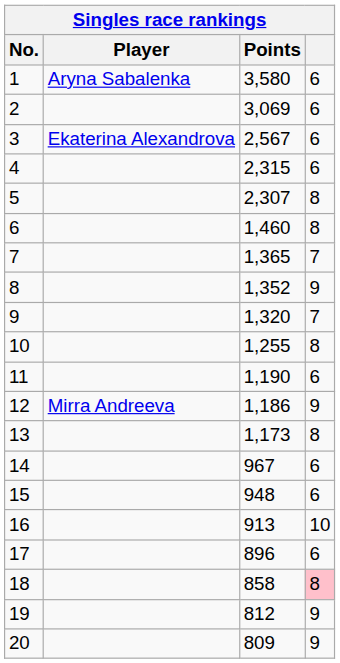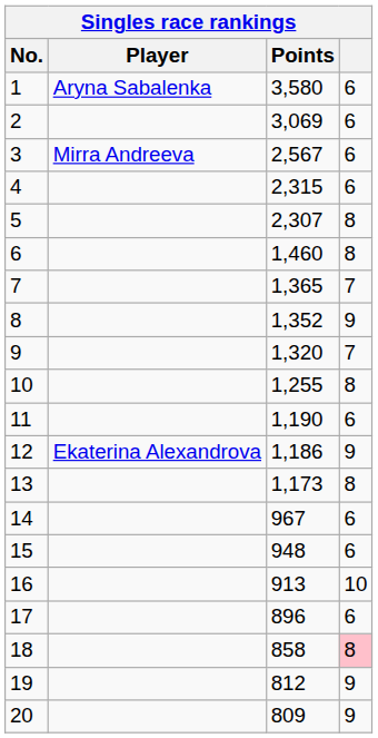 <table class="wikitable nowrap defaultcenter col2left" style="display:inline-table">
 <tr>
 <th scope="col" colspan=4><a href='#'>Singles race rankings</a> </th>
 </tr>
 <tr>
 <th scope="col">No.</th>
 <th scope="col">Player</th>
 <th scope="col">Points</th>
 <th scope="col"></th>
 </tr>
 <tr>
 <td>1</td>
 <td> <a href='#'>Aryna Sabalenka</a></td>
 <td>3,580</td>
 <td>6</td>
 </tr>
 <tr>
 <td>2</td>
 <td></td>
 <td>3,069</td>
 <td>6</td>
 </tr>
 <tr>
 <td>3</td>
-<td> <a href='#'>Ekaterina Alexandrova</a></td>
+<td> <a href='#'>Mirra Andreeva</a></td>
 <td>2,567</td>
 <td>6</td>
 </tr>
 <tr>
 <td>4</td>
 <td></td>
 <td>2,315</td>
 <td>6</td>
 </tr>
 <tr>
 <td>5</td>
 <td></td>
 <td>2,307</td>
 <td>8</td>
 </tr>
 <tr>
 <td>6</td>
 <td></td>
 <td>1,460</td>
 <td>8</td>
 </tr>
 <tr>
 <td>7</td>
 <td></td>
 <td>1,365</td>
 <td>7</td>
 </tr>
 <tr>
 <td>8</td>
 <td></td>
 <td>1,352</td>
 <td>9</td>
 </tr>
 <tr>
 <td>9</td>
 <td></td>
 <td>1,320</td>
 <td>7</td>
 </tr>
 <tr>
 <td>10</td>
 <td></td>
 <td>1,255</td>
 <td>8</td>
 </tr>
 <tr>
 <td>11</td>
 <td></td>
 <td>1,190</td>
 <td>6</td>
 </tr>
 <tr>
 <td>12</td>
-<td> <a href='#'>Mirra Andreeva</a></td>
+<td> <a href='#'>Ekaterina Alexandrova</a></td>
 <td>1,186</td>
 <td>9</td>
 </tr>
 <tr>
 <td>13</td>
 <td></td>
 <td>1,173</td>
 <td>8</td>
 </tr>
 <tr>
 <td>14</td>
 <td></td>
 <td>967</td>
 <td>6</td>
 </tr>
 <tr>
 <td>15</td>
 <td></td>
 <td>948</td>
 <td>6</td>
 </tr>
 <tr>
 <td>16</td>
 <td></td>
 <td>913</td>
 <td>10</td>
 </tr>
 <tr>
 <td>17</td>
 <td></td>
 <td>896</td>
 <td>6</td>
 </tr>
 <tr>
 <td>18</td>
 <td></td>
 <td>858</td>
 <td style="background: pink;">8</td>
 </tr>
 <tr>
 <td>19</td>
 <td></td>
 <td>812</td>
 <td>9</td>
 </tr>
 <tr>
 <td>20</td>
 <td></td>
 <td>809</td>
 <td>9</td>
 </tr>
 </table>
